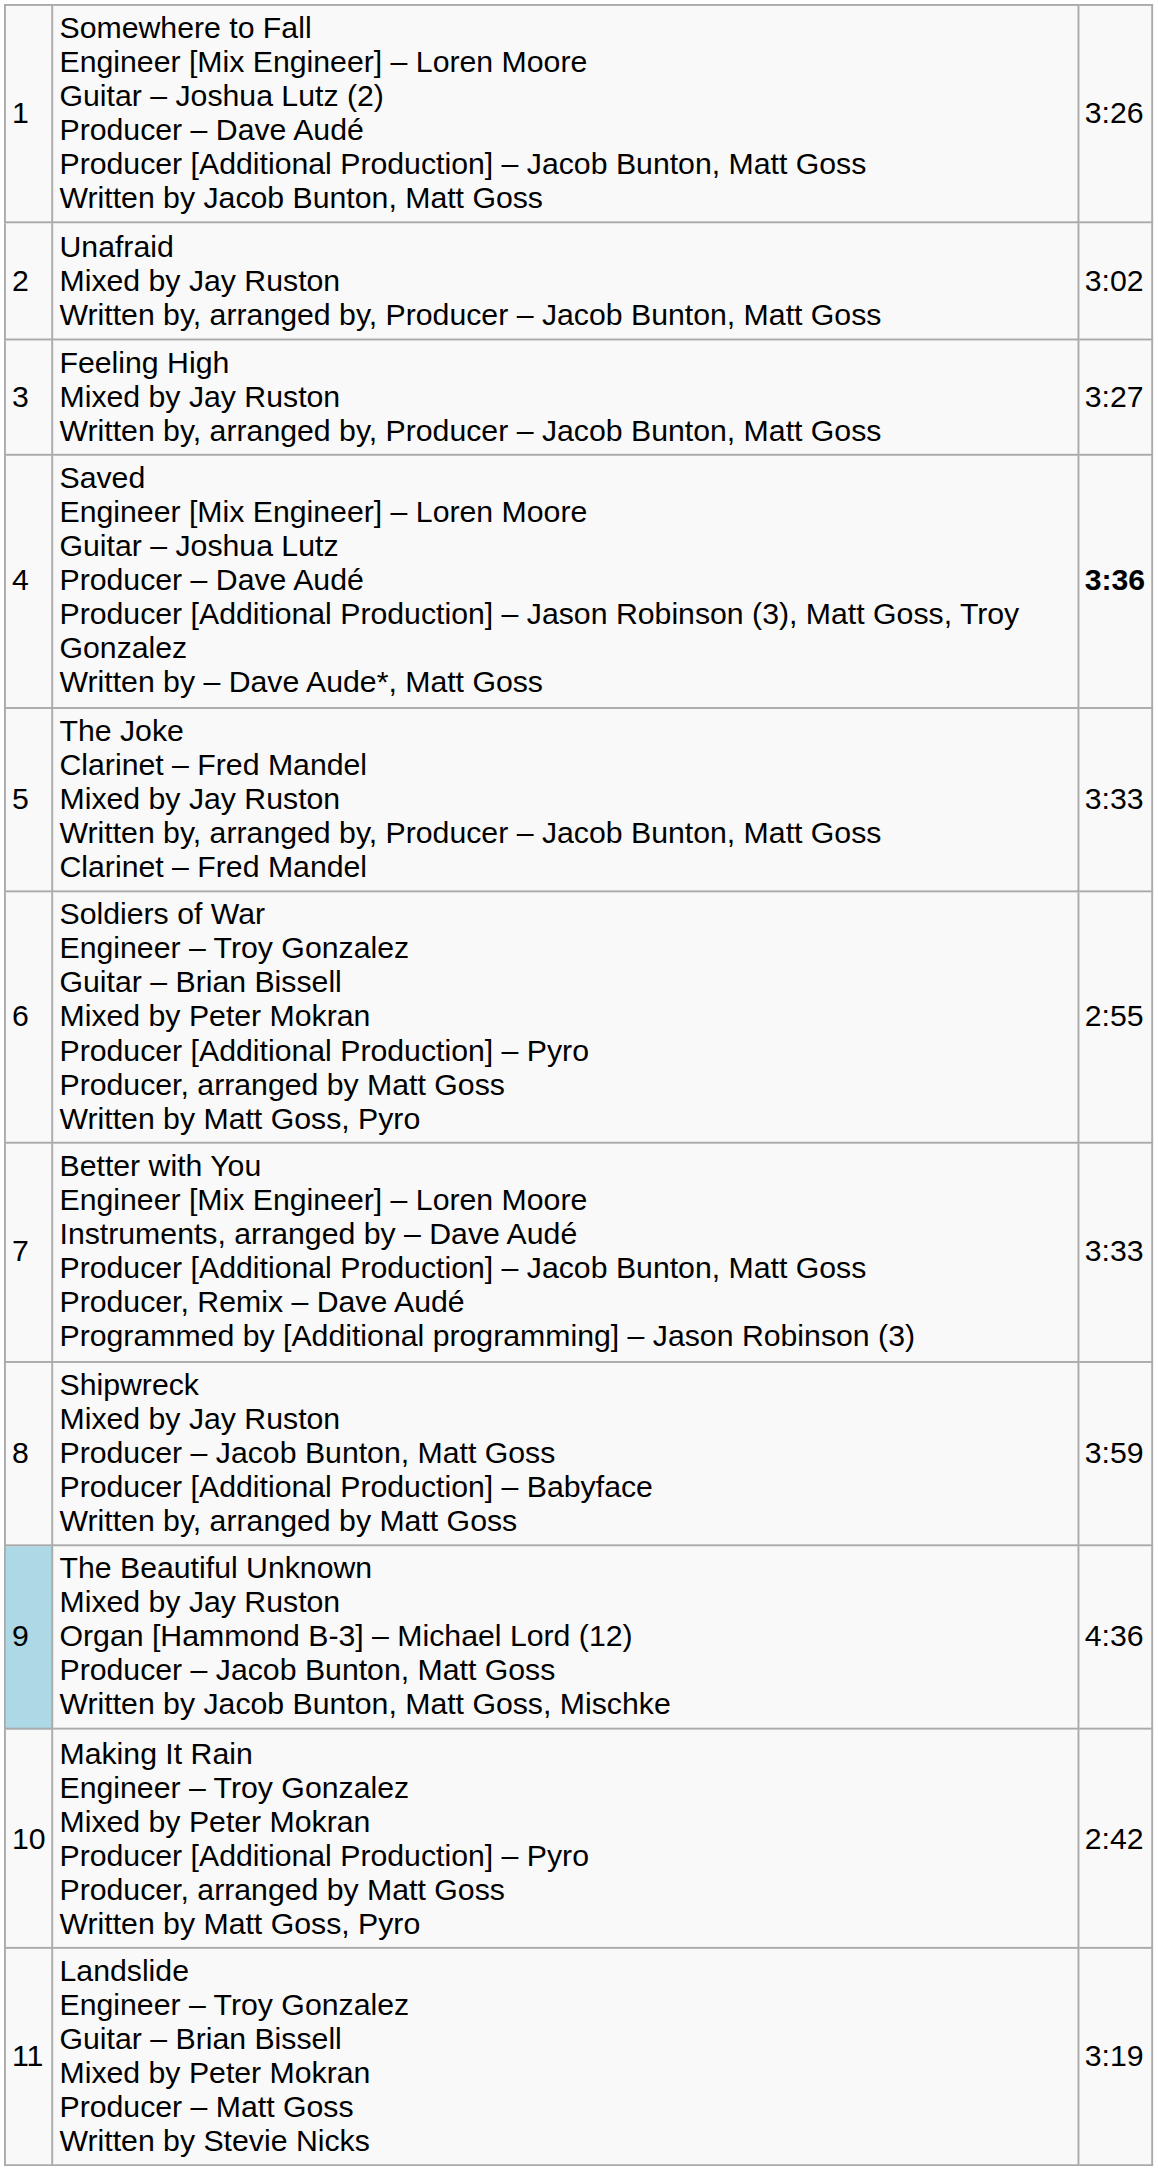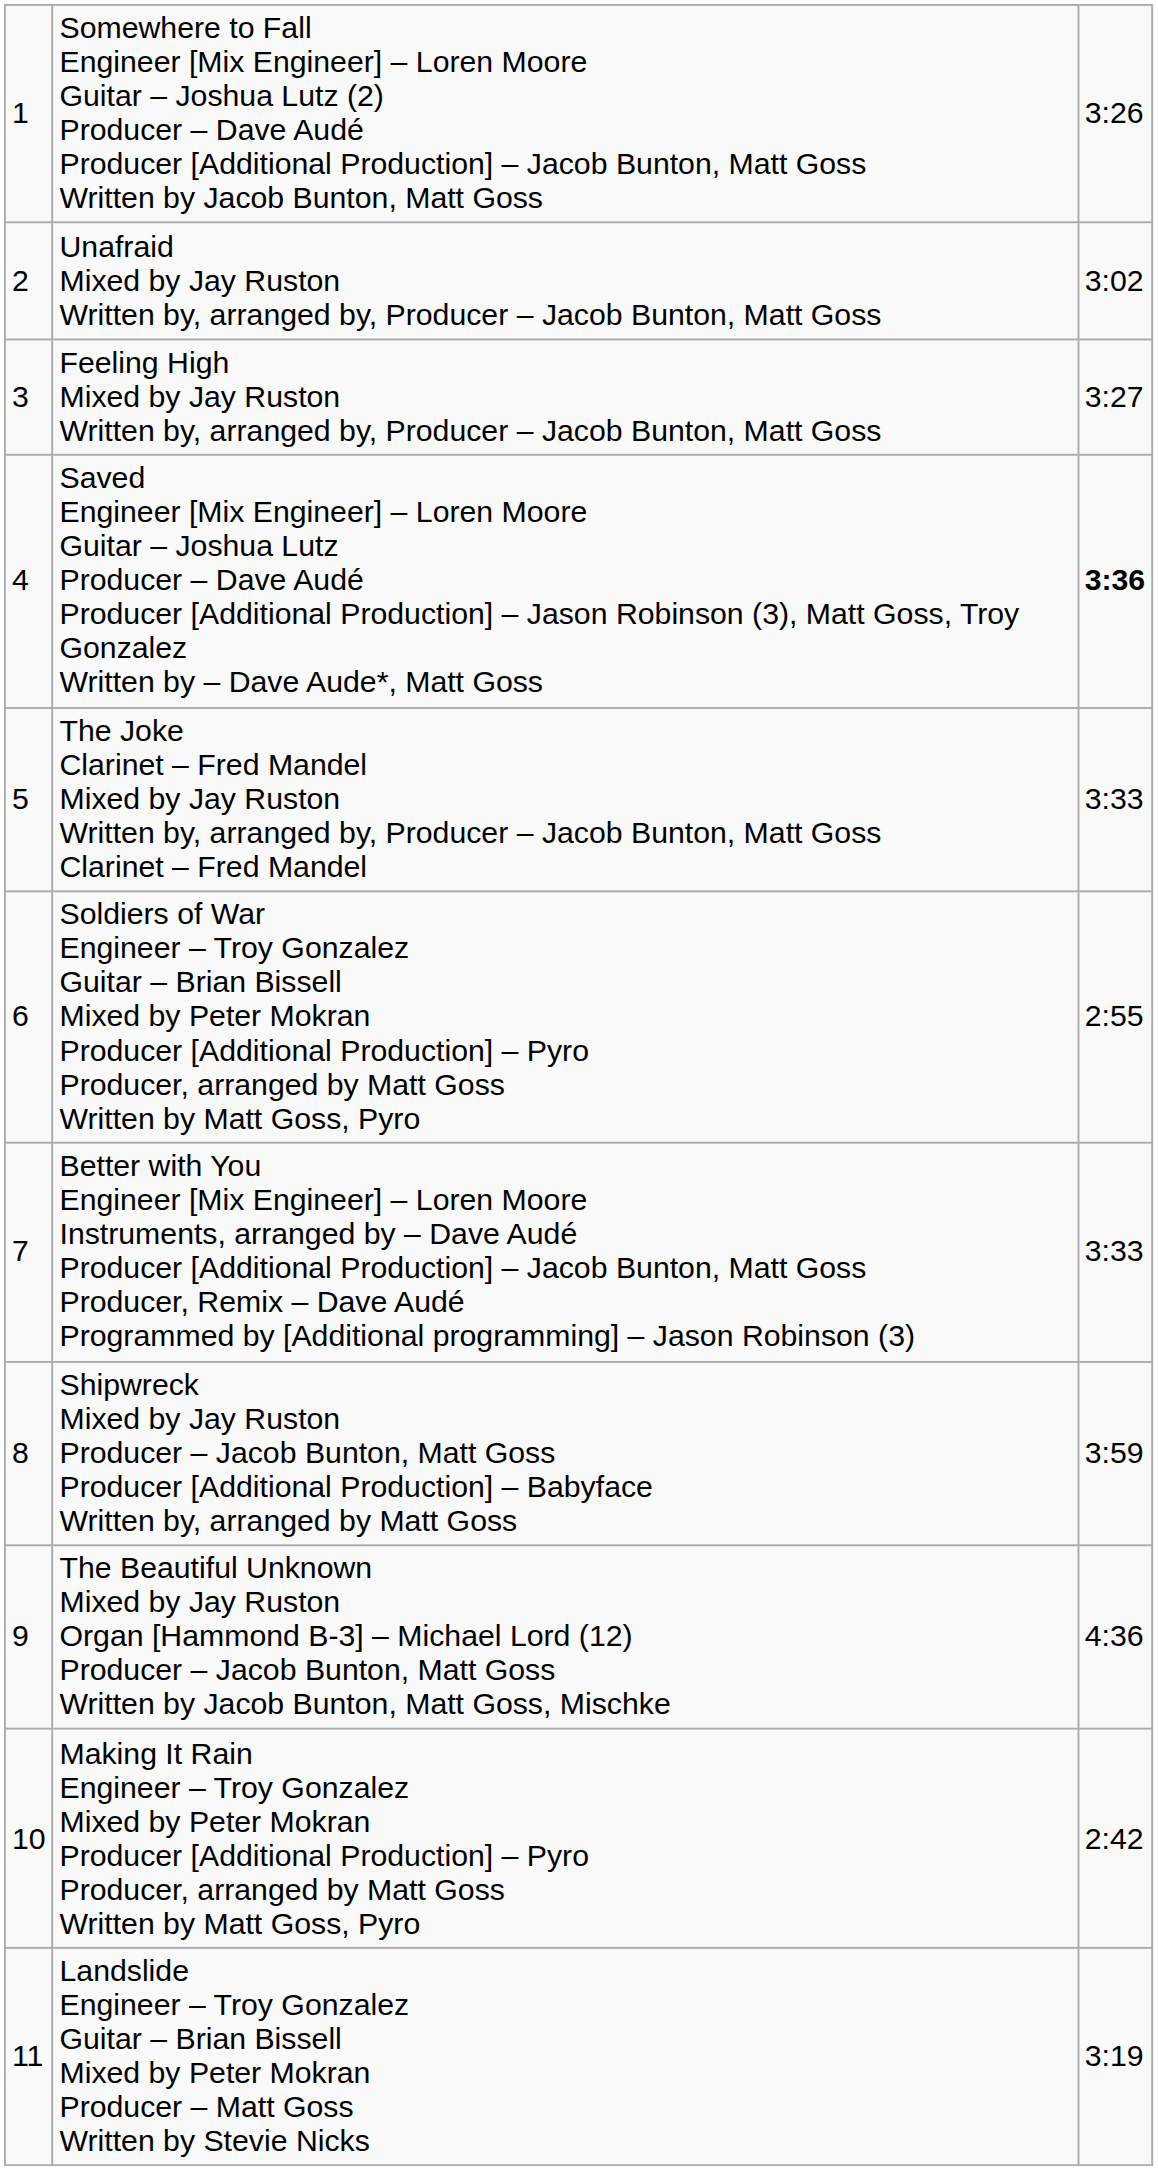 <table class="wikitable">
 <tr>
 <td>1</td>
 <td>Somewhere to Fall<br>Engineer [Mix Engineer] – Loren Moore<br>Guitar – Joshua Lutz (2)<br>Producer – Dave Audé<br>Producer [Additional Production] – Jacob Bunton, Matt Goss<br>Written by Jacob Bunton, Matt Goss</td>
 <td>3:26</td>
 </tr>
 <tr>
 <td>2</td>
 <td>Unafraid<br>Mixed by Jay Ruston<br>Written by, arranged by, Producer – Jacob Bunton, Matt Goss</td>
 <td>3:02</td>
 </tr>
 <tr>
 <td>3</td>
 <td>Feeling High<br>Mixed by Jay Ruston<br>Written by, arranged by, Producer – Jacob Bunton, Matt Goss</td>
 <td>3:27</td>
 </tr>
 <tr>
 <td>4</td>
 <td>Saved<br>Engineer [Mix Engineer] – Loren Moore<br>Guitar – Joshua Lutz<br>Producer – Dave Audé<br>Producer [Additional Production] – Jason Robinson (3), Matt Goss, Troy Gonzalez<br>Written by – Dave Aude*, Matt Goss</td>
 <td><strong>3:36</strong></td>
 </tr>
 <tr>
 <td>5</td>
 <td>The Joke<br>Clarinet – Fred Mandel<br>Mixed by Jay Ruston<br>Written by, arranged by, Producer – Jacob Bunton, Matt Goss<br>Clarinet – Fred Mandel</td>
 <td>3:33</td>
 </tr>
 <tr>
 <td>6</td>
 <td>Soldiers of War<br>Engineer – Troy Gonzalez<br>Guitar – Brian Bissell<br>Mixed by Peter Mokran<br>Producer [Additional Production] – Pyro<br>Producer, arranged by Matt Goss<br>Written by Matt Goss, Pyro</td>
 <td>2:55</td>
 </tr>
 <tr>
 <td>7</td>
 <td>Better with You<br>Engineer [Mix Engineer] – Loren Moore<br>Instruments, arranged by – Dave Audé<br>Producer [Additional Production] – Jacob Bunton, Matt Goss<br>Producer, Remix – Dave Audé<br>Programmed by [Additional programming] – Jason Robinson (3)</td>
 <td>3:33</td>
 </tr>
 <tr>
 <td>8</td>
 <td>Shipwreck<br>Mixed by Jay Ruston<br>Producer – Jacob Bunton, Matt Goss<br>Producer [Additional Production] – Babyface<br>Written by, arranged by Matt Goss</td>
 <td>3:59</td>
 </tr>
 <tr>
-<td style="background: lightblue;">9</td>
+<td>9</td>
 <td>The Beautiful Unknown<br>Mixed by Jay Ruston<br>Organ [Hammond B-3] – Michael Lord (12)<br>Producer – Jacob Bunton, Matt Goss<br>Written by Jacob Bunton, Matt Goss, Mischke</td>
 <td>4:36</td>
 </tr>
 <tr>
 <td>10</td>
 <td>Making It Rain<br>Engineer – Troy Gonzalez<br>Mixed by Peter Mokran<br>Producer [Additional Production] – Pyro<br>Producer, arranged by Matt Goss<br>Written by Matt Goss, Pyro</td>
 <td>2:42</td>
 </tr>
 <tr>
 <td>11</td>
 <td>Landslide<br>Engineer – Troy Gonzalez<br>Guitar – Brian Bissell<br>Mixed by Peter Mokran<br>Producer – Matt Goss<br>Written by Stevie Nicks</td>
 <td>3:19</td>
 </tr>
 </table>
